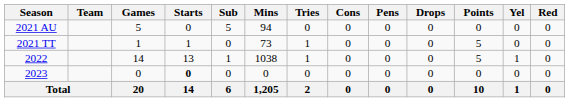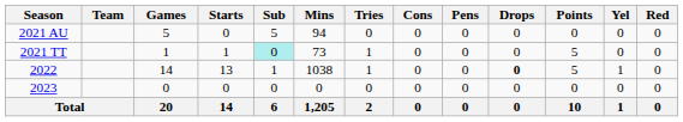 <table class="wikitable" style="text-align:center; line-height:90%; font-size:95%; width:60%;">
 <tr>
 <th>Season</th>
 <th>Team</th>
 <th>Games</th>
 <th>Starts</th>
 <th>Sub</th>
 <th>Mins</th>
 <th>Tries</th>
 <th>Cons</th>
 <th>Pens</th>
 <th>Drops</th>
 <th>Points</th>
 <th>Yel</th>
 <th>Red</th>
 </tr>
 <tr>
 <td><a href='#'>2021 AU</a></td>
 <td></td>
 <td>5</td>
 <td>0</td>
 <td>5</td>
 <td>94</td>
 <td>0</td>
 <td>0</td>
 <td>0</td>
 <td>0</td>
 <td>0</td>
 <td>0</td>
 <td>0</td>
 </tr>
 <tr>
 <td><a href='#'>2021 TT</a></td>
 <td></td>
 <td>1</td>
 <td>1</td>
-<td>0</td>
+<td style="background: paleturquoise;">0</td>
 <td>73</td>
 <td>1</td>
 <td>0</td>
 <td>0</td>
 <td>0</td>
 <td>5</td>
 <td>0</td>
 <td>0</td>
 </tr>
 <tr>
 <td><a href='#'>2022</a></td>
 <td></td>
 <td>14</td>
 <td>13</td>
 <td>1</td>
 <td>1038</td>
 <td>1</td>
 <td>0</td>
 <td>0</td>
-<td>0</td>
+<td><strong>0</strong></td>
 <td>5</td>
 <td>1</td>
 <td>0</td>
 </tr>
 <tr>
 <td><a href='#'>2023</a></td>
 <td></td>
 <td>0</td>
-<td><strong>0</strong></td>
+<td>0</td>
 <td>0</td>
 <td>0</td>
 <td>0</td>
 <td>0</td>
 <td>0</td>
 <td>0</td>
 <td>0</td>
 <td>0</td>
 <td>0</td>
 </tr>
 <tr>
 <th colspan="2">Total</th>
 <th>20</th>
 <th>14</th>
 <th>6</th>
 <th>1,205</th>
 <th>2</th>
 <th>0</th>
 <th>0</th>
 <th>0</th>
 <th>10</th>
 <th>1</th>
 <th>0</th>
 </tr>
 </table>
